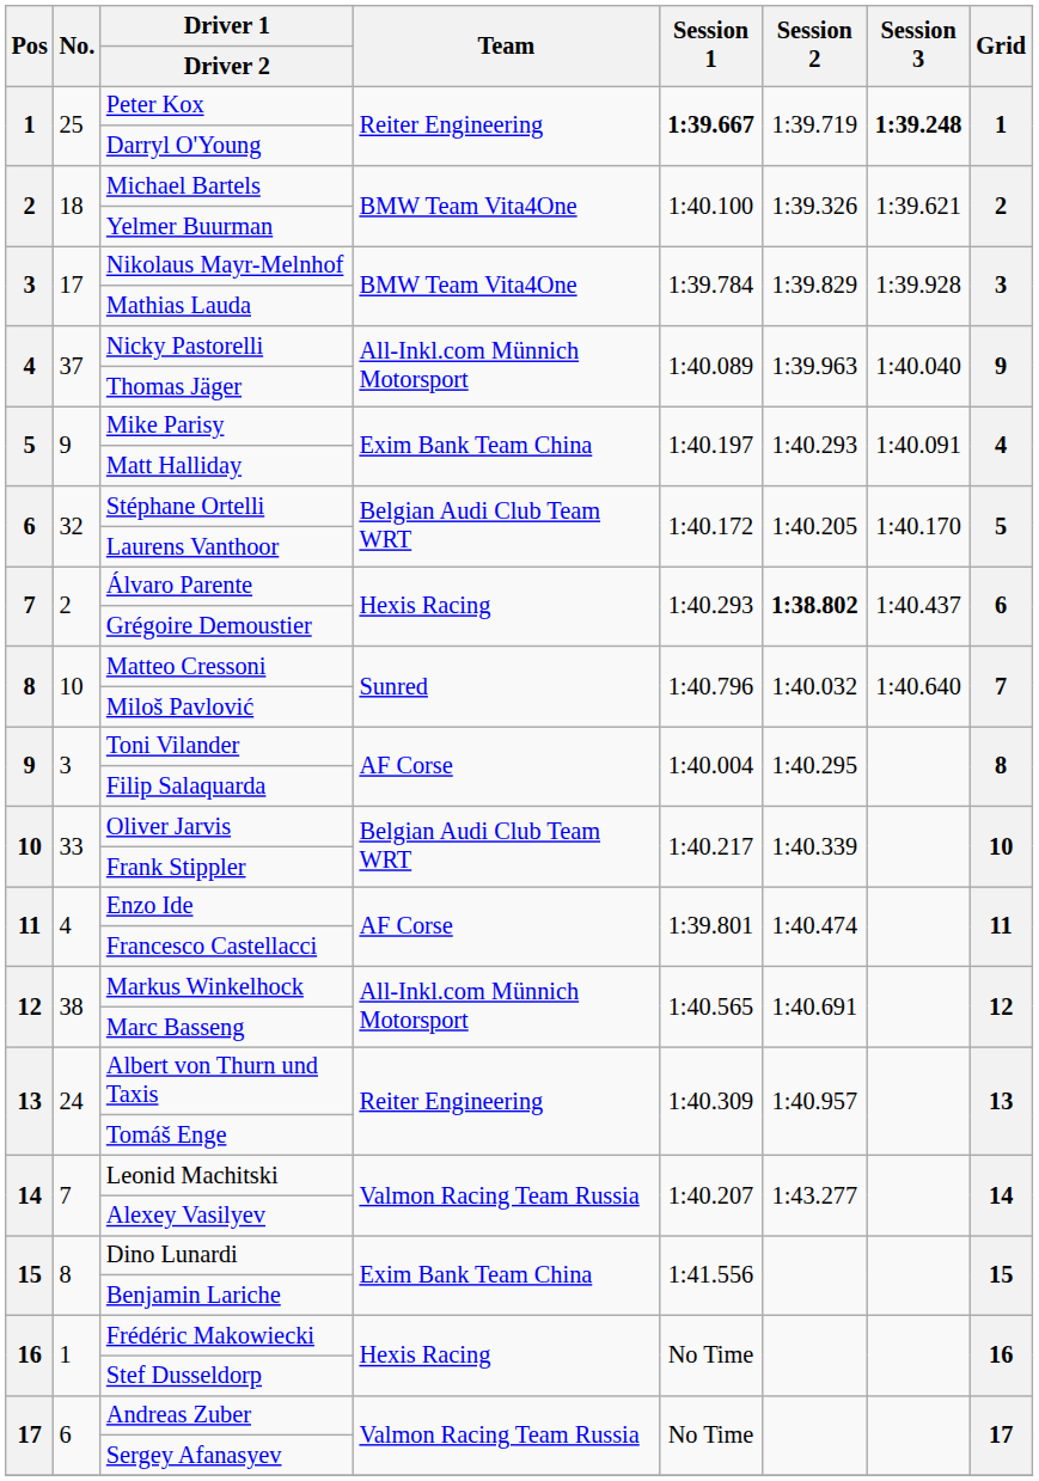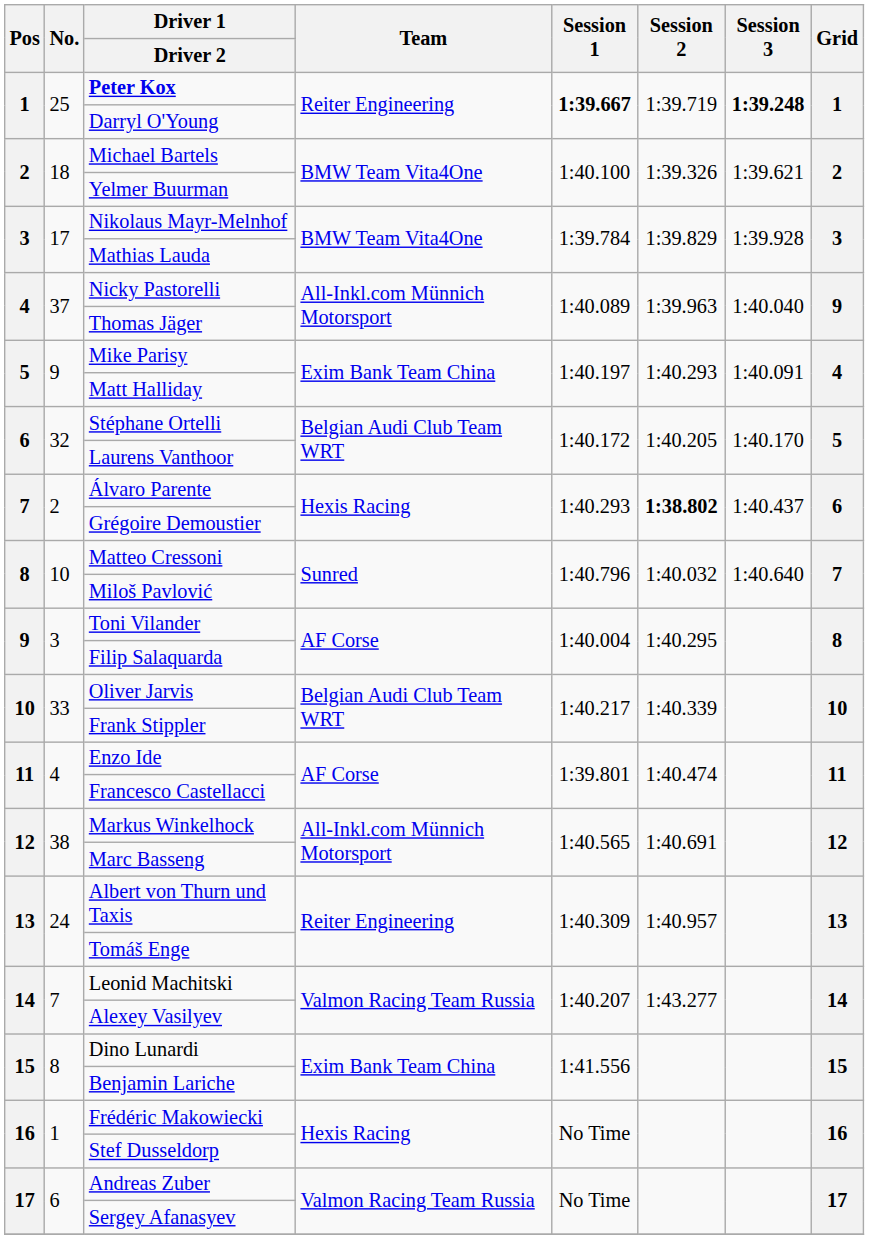 <table class="wikitable" style="font-size: 90%;">
 <tr>
 <th rowspan=2>Pos</th>
 <th rowspan=2>No.</th>
 <th>Driver 1</th>
 <th rowspan=2>Team</th>
 <th rowspan=2>Session 1</th>
 <th rowspan=2>Session 2</th>
 <th rowspan=2>Session 3</th>
 <th rowspan=2>Grid</th>
 </tr>
 <tr>
 <th>Driver 2</th>
 </tr>
 <tr>
 <th rowspan=2>1</th>
 <td rowspan=2>25</td>
-<td> <a href='#'>Peter Kox</a></td>
+<td><strong> <a href='#'>Peter Kox</a></strong></td>
 <td rowspan=2> <a href='#'>Reiter Engineering</a></td>
 <td rowspan=2 align="center"><strong>1:39.667</strong></td>
 <td rowspan=2 align="center">1:39.719</td>
 <td rowspan=2 align="center"><strong>1:39.248</strong></td>
 <th rowspan=2>1</th>
 </tr>
 <tr>
 <td> <a href='#'>Darryl O'Young</a></td>
 </tr>
 <tr>
 <th rowspan=2>2</th>
 <td rowspan=2>18</td>
 <td> <a href='#'>Michael Bartels</a></td>
 <td rowspan=2> <a href='#'>BMW Team Vita4One</a></td>
 <td rowspan=2 align="center">1:40.100</td>
 <td rowspan=2 align="center">1:39.326</td>
 <td rowspan=2 align="center">1:39.621</td>
 <th rowspan=2>2</th>
 </tr>
 <tr>
 <td> <a href='#'>Yelmer Buurman</a></td>
 </tr>
 <tr>
 <th rowspan=2>3</th>
 <td rowspan=2>17</td>
 <td> <a href='#'>Nikolaus Mayr-Melnhof</a></td>
 <td rowspan=2> <a href='#'>BMW Team Vita4One</a></td>
 <td rowspan=2 align="center">1:39.784</td>
 <td rowspan=2 align="center">1:39.829</td>
 <td rowspan=2 align="center">1:39.928</td>
 <th rowspan=2>3</th>
 </tr>
 <tr>
 <td> <a href='#'>Mathias Lauda</a></td>
 </tr>
 <tr>
 <th rowspan=2>4</th>
 <td rowspan=2>37</td>
 <td> <a href='#'>Nicky Pastorelli</a></td>
 <td rowspan=2> <a href='#'>All-Inkl.com Münnich Motorsport</a></td>
 <td rowspan=2 align="center">1:40.089</td>
 <td rowspan=2 align="center">1:39.963</td>
 <td rowspan=2 align="center">1:40.040</td>
 <th rowspan=2>9</th>
 </tr>
 <tr>
 <td> <a href='#'>Thomas Jäger</a></td>
 </tr>
 <tr>
 <th rowspan=2>5</th>
 <td rowspan=2>9</td>
 <td> <a href='#'>Mike Parisy</a></td>
 <td rowspan=2> <a href='#'>Exim Bank Team China</a></td>
 <td rowspan=2 align="center">1:40.197</td>
 <td rowspan=2 align="center">1:40.293</td>
 <td rowspan=2 align="center">1:40.091</td>
 <th rowspan=2>4</th>
 </tr>
 <tr>
 <td> <a href='#'>Matt Halliday</a></td>
 </tr>
 <tr>
 <th rowspan=2>6</th>
 <td rowspan=2>32</td>
 <td> <a href='#'>Stéphane Ortelli</a></td>
 <td rowspan=2> <a href='#'>Belgian Audi Club Team WRT</a></td>
 <td rowspan=2 align="center">1:40.172</td>
 <td rowspan=2 align="center">1:40.205</td>
 <td rowspan=2 align="center">1:40.170</td>
 <th rowspan=2>5</th>
 </tr>
 <tr>
 <td> <a href='#'>Laurens Vanthoor</a></td>
 </tr>
 <tr>
 <th rowspan=2>7</th>
 <td rowspan=2>2</td>
 <td> <a href='#'>Álvaro Parente</a></td>
 <td rowspan=2> <a href='#'>Hexis Racing</a></td>
 <td rowspan=2 align="center">1:40.293</td>
 <td rowspan=2 align="center"><strong>1:38.802</strong></td>
 <td rowspan=2 align="center">1:40.437</td>
 <th rowspan=2>6</th>
 </tr>
 <tr>
 <td> <a href='#'>Grégoire Demoustier</a></td>
 </tr>
 <tr>
 <th rowspan=2>8</th>
 <td rowspan=2>10</td>
 <td> <a href='#'>Matteo Cressoni</a></td>
 <td rowspan=2> <a href='#'>Sunred</a></td>
 <td rowspan=2 align="center">1:40.796</td>
 <td rowspan=2 align="center">1:40.032</td>
 <td rowspan=2 align="center">1:40.640</td>
 <th rowspan=2>7</th>
 </tr>
 <tr>
 <td> <a href='#'>Miloš Pavlović</a></td>
 </tr>
 <tr>
 <th rowspan=2>9</th>
 <td rowspan=2>3</td>
 <td> <a href='#'>Toni Vilander</a></td>
 <td rowspan=2> <a href='#'>AF Corse</a></td>
 <td rowspan=2 align="center">1:40.004</td>
 <td rowspan=2 align="center">1:40.295</td>
 <td rowspan=2 align="center"></td>
 <th rowspan=2>8</th>
 </tr>
 <tr>
 <td> <a href='#'>Filip Salaquarda</a></td>
 </tr>
 <tr>
 <th rowspan=2>10</th>
 <td rowspan=2>33</td>
 <td> <a href='#'>Oliver Jarvis</a></td>
 <td rowspan=2> <a href='#'>Belgian Audi Club Team WRT</a></td>
 <td rowspan=2 align="center">1:40.217</td>
 <td rowspan=2 align="center">1:40.339</td>
 <td rowspan=2 align="center"></td>
 <th rowspan=2>10</th>
 </tr>
 <tr>
 <td> <a href='#'>Frank Stippler</a></td>
 </tr>
 <tr>
 <th rowspan=2>11</th>
 <td rowspan=2>4</td>
 <td> <a href='#'>Enzo Ide</a></td>
 <td rowspan=2> <a href='#'>AF Corse</a></td>
 <td rowspan=2 align="center">1:39.801</td>
 <td rowspan=2 align="center">1:40.474</td>
 <td rowspan=2 align="center"></td>
 <th rowspan=2>11</th>
 </tr>
 <tr>
 <td> <a href='#'>Francesco Castellacci</a></td>
 </tr>
 <tr>
 <th rowspan=2>12</th>
 <td rowspan=2>38</td>
 <td> <a href='#'>Markus Winkelhock</a></td>
 <td rowspan=2> <a href='#'>All-Inkl.com Münnich Motorsport</a></td>
 <td rowspan=2 align="center">1:40.565</td>
 <td rowspan=2 align="center">1:40.691</td>
 <td rowspan=2 align="center"></td>
 <th rowspan=2>12</th>
 </tr>
 <tr>
 <td> <a href='#'>Marc Basseng</a></td>
 </tr>
 <tr>
 <th rowspan=2>13</th>
 <td rowspan=2>24</td>
 <td> <a href='#'>Albert von Thurn und Taxis</a></td>
 <td rowspan=2> <a href='#'>Reiter Engineering</a></td>
 <td rowspan=2 align="center">1:40.309</td>
 <td rowspan=2 align="center">1:40.957</td>
 <td rowspan=2 align="center"></td>
 <th rowspan=2>13</th>
 </tr>
 <tr>
 <td> <a href='#'>Tomáš Enge</a></td>
 </tr>
 <tr>
 <th rowspan=2>14</th>
 <td rowspan=2>7</td>
 <td> Leonid Machitski</td>
 <td rowspan=2> <a href='#'>Valmon Racing Team Russia</a></td>
 <td rowspan=2 align="center">1:40.207</td>
 <td rowspan=2 align="center">1:43.277</td>
 <td rowspan=2 align="center"></td>
 <th rowspan=2>14</th>
 </tr>
 <tr>
 <td> <a href='#'>Alexey Vasilyev</a></td>
 </tr>
 <tr>
 <th rowspan=2>15</th>
 <td rowspan=2>8</td>
 <td> Dino Lunardi</td>
 <td rowspan=2> <a href='#'>Exim Bank Team China</a></td>
 <td rowspan=2 align="center">1:41.556</td>
 <td rowspan=2 align="center"></td>
 <td rowspan=2 align="center"></td>
 <th rowspan=2>15</th>
 </tr>
 <tr>
 <td> <a href='#'>Benjamin Lariche</a></td>
 </tr>
 <tr>
 <th rowspan=2>16</th>
 <td rowspan=2>1</td>
 <td> <a href='#'>Frédéric Makowiecki</a></td>
 <td rowspan=2> <a href='#'>Hexis Racing</a></td>
 <td rowspan=2 align="center">No Time</td>
 <td rowspan=2 align="center"></td>
 <td rowspan=2 align="center"></td>
 <th rowspan=2>16</th>
 </tr>
 <tr>
 <td> <a href='#'>Stef Dusseldorp</a></td>
 </tr>
 <tr>
 <th rowspan=2>17</th>
 <td rowspan=2>6</td>
 <td> <a href='#'>Andreas Zuber</a></td>
 <td rowspan=2> <a href='#'>Valmon Racing Team Russia</a></td>
 <td rowspan=2 align="center">No Time</td>
 <td rowspan=2 align="center"></td>
 <td rowspan=2 align="center"></td>
 <th rowspan=2>17</th>
 </tr>
 <tr>
 <td> <a href='#'>Sergey Afanasyev</a></td>
 </tr>
 <tr>
 </tr>
 </table>
